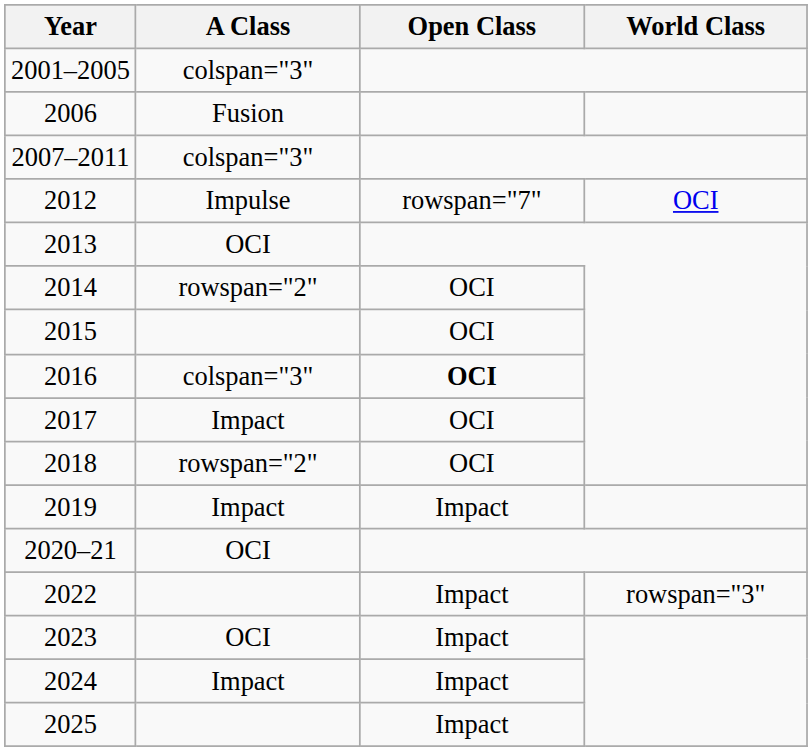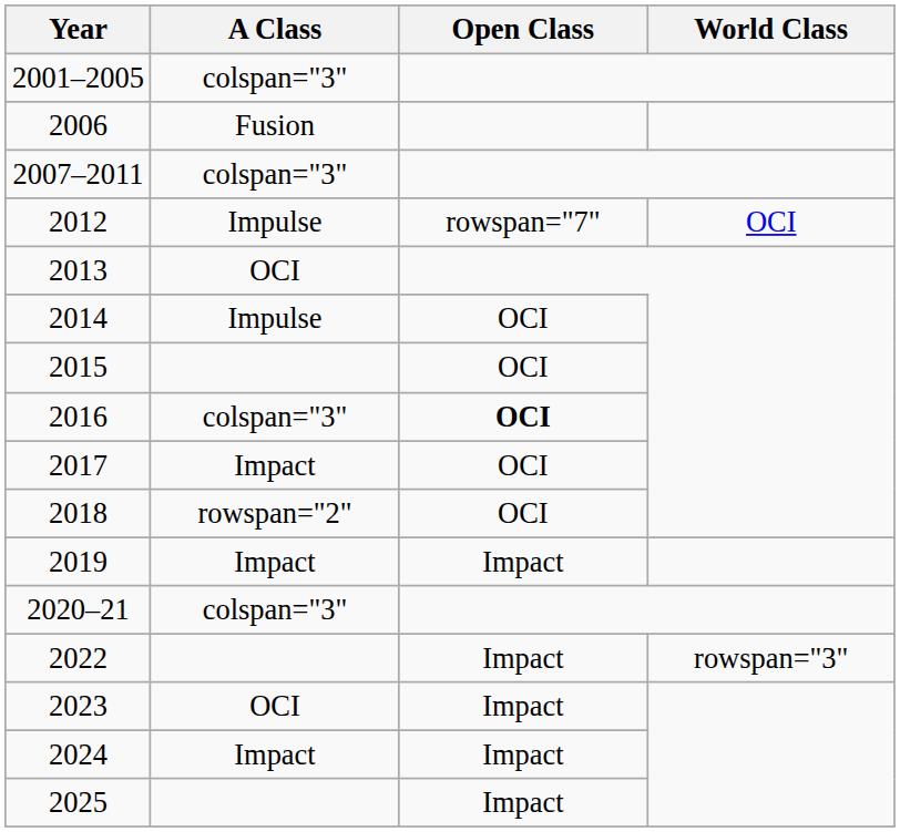 <table class="wikitable" style="font-size: 95%; text-align:center;">
 <tr>
 <th>Year</th>
 <th style="min-width: 8em; ">A Class</th>
 <th style="min-width: 8em; ">Open Class</th>
 <th style="min-width: 8em; ">World Class</th>
 </tr>
 <tr>
 <td>2001–2005</td>
 <td>colspan="3" </td>
 </tr>
 <tr>
 <td>2006</td>
 <td>Fusion</td>
 <td></td>
 <td></td>
 </tr>
 <tr>
 <td>2007–2011</td>
 <td>colspan="3" </td>
 </tr>
 <tr>
 <td>2012</td>
 <td>Impulse</td>
 <td>rowspan="7" </td>
 <td><a href='#'>OCI</a></td>
 </tr>
 <tr>
 <td>2013</td>
 <td>OCI</td>
 </tr>
 <tr>
 <td>2014</td>
-<td>rowspan="2" </td>
+<td>Impulse</td>
 <td>OCI</td>
 </tr>
 <tr>
 <td>2015</td>
 <td></td>
 <td>OCI</td>
 </tr>
 <tr>
 <td>2016</td>
 <td>colspan="3" </td>
 <td><strong>OCI</strong></td>
 </tr>
 <tr>
 <td>2017</td>
 <td>Impact</td>
 <td>OCI</td>
 </tr>
 <tr>
 <td>2018</td>
 <td>rowspan="2" </td>
 <td>OCI</td>
 </tr>
 <tr>
 <td>2019</td>
 <td>Impact</td>
 <td>Impact</td>
 <td></td>
 </tr>
 <tr>
 <td>2020–21</td>
-<td>OCI</td>
+<td>colspan="3" </td>
 </tr>
 <tr>
 <td>2022</td>
 <td></td>
 <td>Impact</td>
 <td>rowspan="3" </td>
 </tr>
 <tr>
 <td>2023</td>
 <td>OCI</td>
 <td>Impact</td>
 </tr>
 <tr>
 <td>2024</td>
 <td>Impact</td>
 <td>Impact</td>
 </tr>
 <tr>
 <td>2025</td>
 <td></td>
 <td>Impact</td>
 </tr>
 </table>
